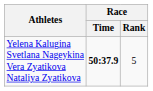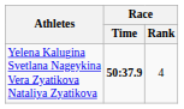 <table class="wikitable" border="1" style="font-size:90%">
 <tr>
 <th rowspan=2>Athletes</th>
 <th colspan=2>Race</th>
 </tr>
 <tr>
 <th>Time</th>
 <th>Rank</th>
 </tr>
 <tr>
 <td><a href='#'>Yelena Kalugina</a><br><a href='#'>Svetlana Nageykina</a><br><a href='#'>Vera Zyatikova</a><br><a href='#'>Nataliya Zyatikova</a></td>
 <td align=center><strong>50:37.9</strong></td>
-<td align=center>5</td>
+<td align=center>4</td>
 </tr>
 </table>
